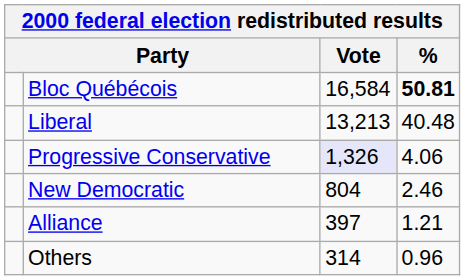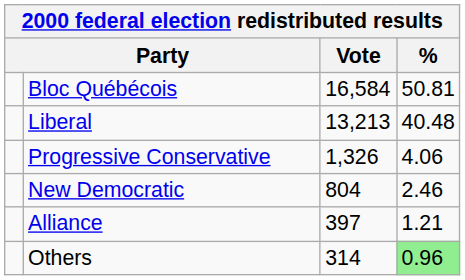 <table class="wikitable">
 <tr>
 <th colspan="4"><a href='#'>2000 federal election</a> redistributed results</th>
 </tr>
 <tr>
 <th bgcolor="#DDDDFF" width="230px" colspan="2">Party</th>
 <th bgcolor="#DDDDFF" width="50px">Vote</th>
 <th bgcolor="#DDDDFF" width="30px">%</th>
 </tr>
 <tr>
 <td> </td>
 <td><a href='#'>Bloc Québécois</a></td>
 <td>16,584</td>
-<td><strong>50.81</strong></td>
+<td>50.81</td>
 </tr>
 <tr>
 <td> </td>
 <td><a href='#'>Liberal</a></td>
 <td>13,213</td>
 <td>40.48</td>
 </tr>
 <tr>
 <td> </td>
 <td><a href='#'>Progressive Conservative</a></td>
-<td style="background: lavender;">1,326</td>
+<td>1,326</td>
 <td>4.06</td>
 </tr>
 <tr>
 <td> </td>
 <td><a href='#'>New Democratic</a></td>
 <td>804</td>
 <td>2.46</td>
 </tr>
 <tr>
 <td> </td>
 <td><a href='#'>Alliance</a></td>
 <td>397</td>
 <td>1.21</td>
 </tr>
 <tr>
 <td> </td>
 <td>Others</td>
 <td>314</td>
-<td>0.96</td>
+<td style="background: lightgreen;">0.96</td>
 </tr>
 </table>
